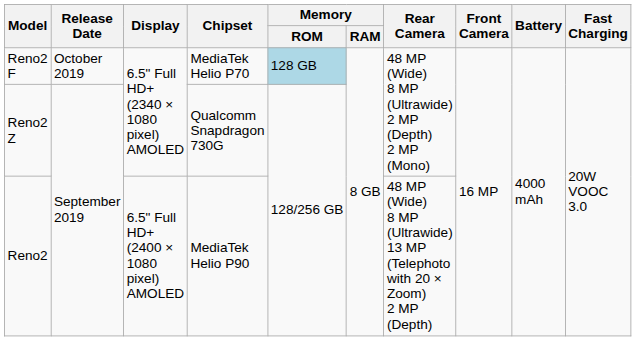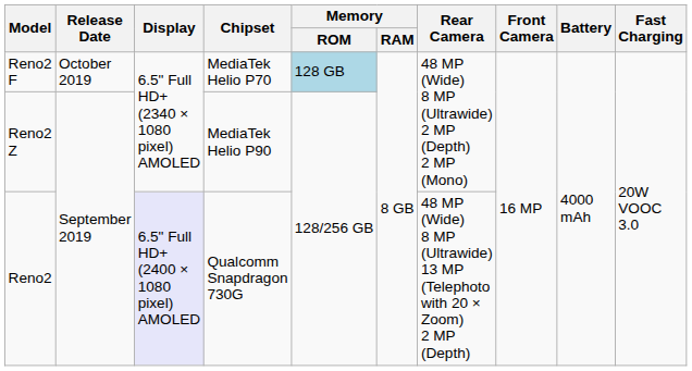 <table class="wikitable sortable">
 <tr>
 <th rowspan="2">Model</th>
 <th rowspan="2">Release Date</th>
 <th rowspan="2">Display</th>
 <th rowspan="2">Chipset</th>
 <th colspan="2">Memory</th>
 <th rowspan="2">Rear Camera</th>
 <th rowspan="2">Front Camera</th>
 <th rowspan="2">Battery</th>
 <th rowspan="2">Fast Charging</th>
 </tr>
 <tr>
 <th>ROM</th>
 <th>RAM</th>
 </tr>
 <tr>
 <td>Reno2 F</td>
 <td>October 2019</td>
 <td rowspan="2">6.5" Full HD+ (2340 × 1080 pixel) AMOLED</td>
 <td>MediaTek Helio P70</td>
 <td style="background: lightblue;">128 GB</td>
 <td rowspan="3">8 GB</td>
 <td rowspan="2">48 MP (Wide)<br>8 MP (Ultrawide) 2 MP (Depth) 2 MP (Mono)</td>
 <td rowspan="3">16 MP</td>
 <td rowspan="3">4000 mAh</td>
 <td rowspan="3">20W VOOC 3.0</td>
 </tr>
 <tr>
 <td>Reno2 Z</td>
 <td rowspan="2">September 2019</td>
-<td>Qualcomm Snapdragon 730G</td>
+<td>MediaTek Helio P90</td>
 <td rowspan="2">128/256 GB</td>
 </tr>
 <tr>
 <td>Reno2</td>
-<td>6.5" Full HD+ (2400 × 1080 pixel) AMOLED</td>
-<td>MediaTek Helio P90</td>
+<td style="background: lavender;">6.5" Full HD+ (2400 × 1080 pixel) AMOLED</td>
+<td>Qualcomm Snapdragon 730G</td>
 <td>48 MP (Wide)<br>8 MP (Ultrawide) 13 MP (Telephoto with 20 × Zoom) 2 MP (Depth)</td>
 </tr>
 </table>
